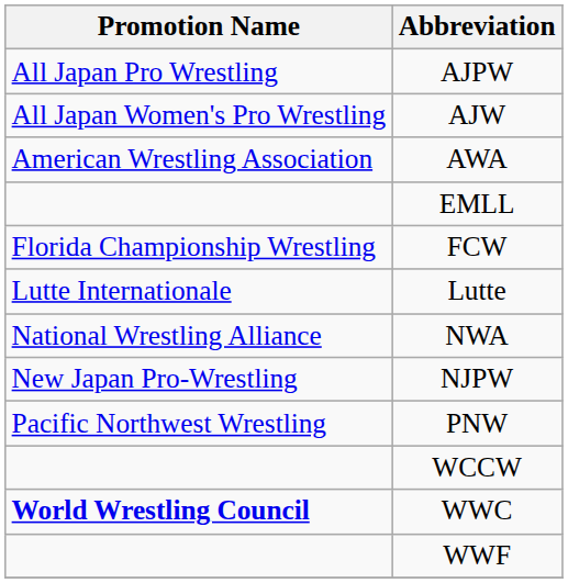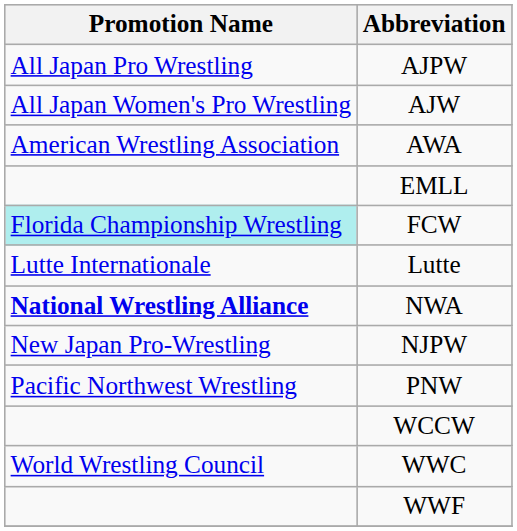 <table class="wikitable">
 <tr>
 <th>Promotion Name</th>
 <th>Abbreviation</th>
 </tr>
 <tr>
 <td><a href='#'>All Japan Pro Wrestling</a></td>
 <td align=center>AJPW</td>
 </tr>
 <tr>
 <td><a href='#'>All Japan Women's Pro Wrestling</a></td>
 <td align=center>AJW</td>
 </tr>
 <tr>
 <td><a href='#'>American Wrestling Association</a></td>
 <td align=center>AWA</td>
 </tr>
 <tr>
 <td></td>
 <td align=center>EMLL</td>
 </tr>
 <tr>
-<td><a href='#'>Florida Championship Wrestling</a></td>
+<td style="background: paleturquoise;"><a href='#'>Florida Championship Wrestling</a></td>
 <td align=center>FCW</td>
 </tr>
 <tr>
 <td><a href='#'>Lutte Internationale</a></td>
 <td align=center>Lutte</td>
 </tr>
 <tr>
-<td><a href='#'>National Wrestling Alliance</a></td>
+<td><strong><a href='#'>National Wrestling Alliance</a></strong></td>
 <td align=center>NWA</td>
 </tr>
 <tr>
 <td><a href='#'>New Japan Pro-Wrestling</a></td>
 <td align=center>NJPW</td>
 </tr>
 <tr>
 <td><a href='#'>Pacific Northwest Wrestling</a></td>
 <td align=center>PNW</td>
 </tr>
 <tr>
 <td></td>
 <td align=center>WCCW</td>
 </tr>
 <tr>
-<td><strong><a href='#'>World Wrestling Council</a></strong></td>
+<td><a href='#'>World Wrestling Council</a></td>
 <td align=center>WWC</td>
 </tr>
 <tr>
 <td></td>
 <td align=center>WWF</td>
 </tr>
 <tr>
 </tr>
 </table>
